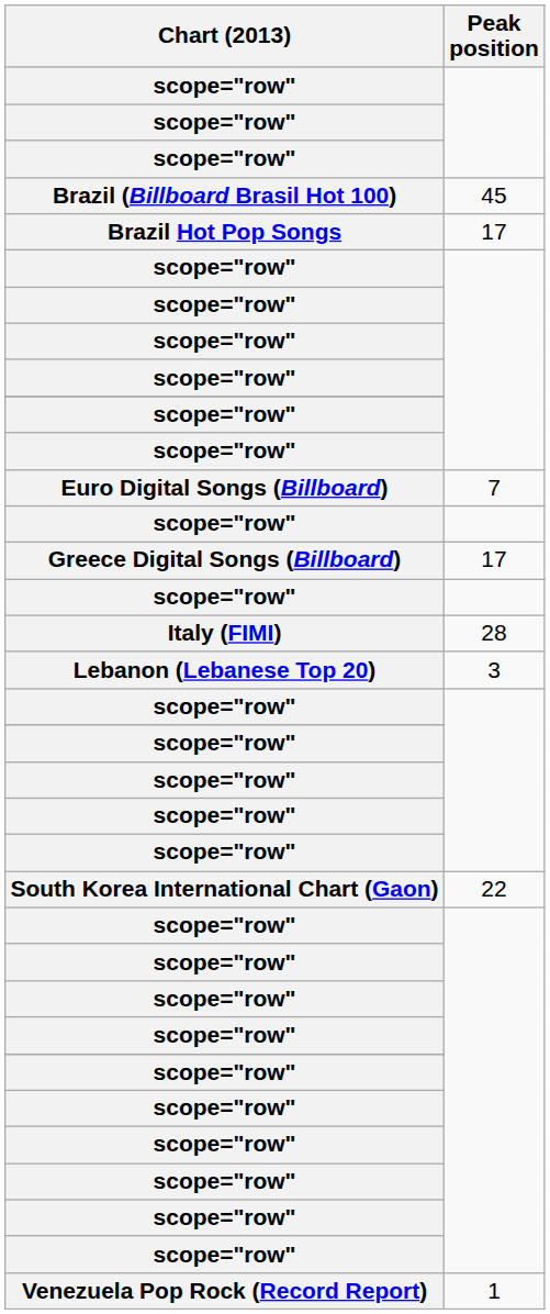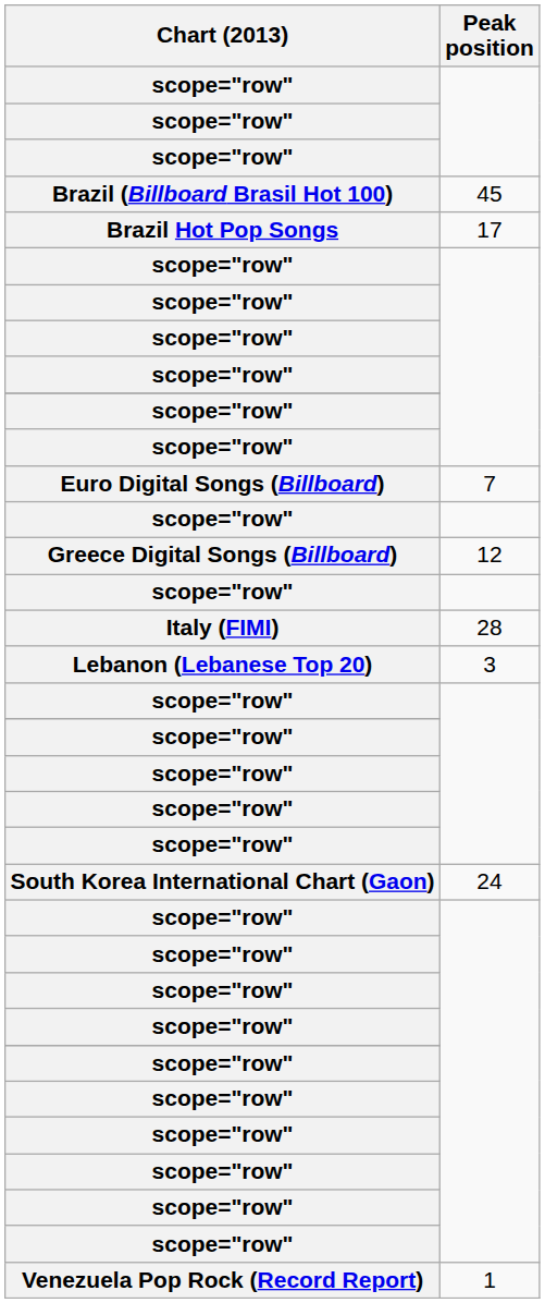 <table class="wikitable sortable plainrowheaders" style="text-align:center">
 <tr>
 <th>Chart (2013)</th>
 <th>Peak<br>position</th>
 </tr>
 <tr>
 <th>scope="row"</th>
 </tr>
 <tr>
 <th>scope="row"</th>
 </tr>
 <tr>
 <th>scope="row"</th>
 </tr>
 <tr>
 <th scope="row">Brazil (<a href='#'><em>Billboard</em> Brasil Hot 100</a>)</th>
 <td style="text-align:center;">45</td>
 </tr>
 <tr>
 <th scope="row">Brazil <a href='#'>Hot Pop Songs</a></th>
 <td style="text-align:center;">17</td>
 </tr>
 <tr>
 <th>scope="row"</th>
 </tr>
 <tr>
 <th>scope="row"</th>
 </tr>
 <tr>
 <th>scope="row"</th>
 </tr>
 <tr>
 <th>scope="row"</th>
 </tr>
 <tr>
 </tr>
 <tr>
 <th>scope="row"</th>
 </tr>
 <tr>
 <th>scope="row"</th>
 </tr>
 <tr>
 <th scope="row">Euro Digital Songs (<em><a href='#'>Billboard</a></em>)</th>
 <td style="text-align:center;">7</td>
 </tr>
 <tr>
 <th>scope="row"</th>
 </tr>
 <tr>
 <th scope="row">Greece Digital Songs (<em><a href='#'>Billboard</a></em>)</th>
-<td style="text-align:center;">17</td>
+<td style="text-align:center;">12</td>
 </tr>
 <tr>
 <th>scope="row"</th>
 </tr>
 <tr>
 <th scope="row">Italy (<a href='#'>FIMI</a>)</th>
 <td style="text-align:center;">28</td>
 </tr>
 <tr>
 <th scope="row">Lebanon (<a href='#'>Lebanese Top 20</a>)</th>
 <td style="text-align:center;">3</td>
 </tr>
 <tr>
 <th>scope="row"</th>
 </tr>
 <tr>
 </tr>
 <tr>
 <th>scope="row"</th>
 </tr>
 <tr>
 <th>scope="row"</th>
 </tr>
 <tr>
 <th>scope="row"</th>
 </tr>
 <tr>
 <th>scope="row"</th>
 </tr>
 <tr>
 <th scope="row">South Korea International Chart (<a href='#'>Gaon</a>)</th>
-<td style="text-align:center;">22</td>
+<td style="text-align:center;">24</td>
 </tr>
 <tr>
 <th>scope="row"</th>
 </tr>
 <tr>
 <th>scope="row"</th>
 </tr>
 <tr>
 <th>scope="row"</th>
 </tr>
 <tr>
 <th>scope="row"</th>
 </tr>
 <tr>
 </tr>
 <tr>
 <th>scope="row"</th>
 </tr>
 <tr>
 <th>scope="row"</th>
 </tr>
 <tr>
 <th>scope="row"</th>
 </tr>
 <tr>
 <th>scope="row"</th>
 </tr>
 <tr>
 <th>scope="row"</th>
 </tr>
 <tr>
 <th>scope="row"</th>
 </tr>
 <tr>
 <th scope="row">Venezuela Pop Rock (<a href='#'>Record Report</a>)</th>
 <td style="text-align:center">1</td>
 </tr>
 </table>
